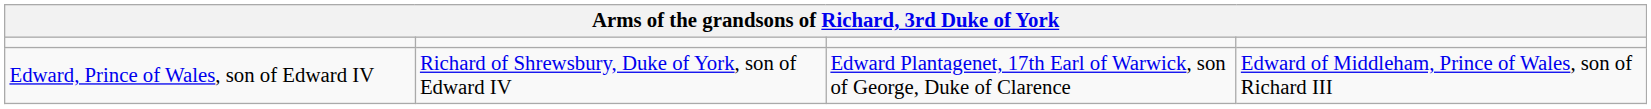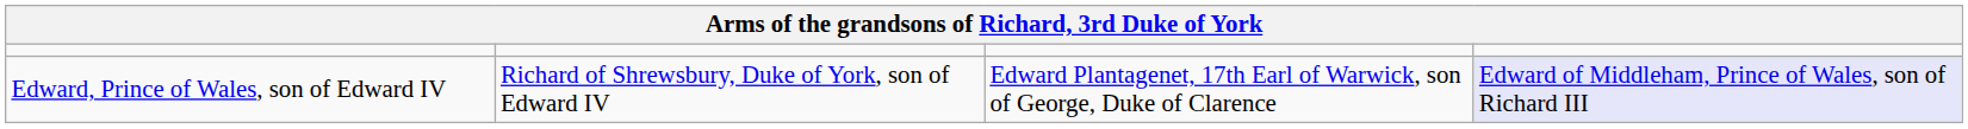 <table class="wikitable" width="100%">
 <tr>
 <th align=center colspan=4>Arms of the grandsons of <a href='#'>Richard, 3rd Duke of York</a></th>
 </tr>
 <tr>
 <td align=center width="25%"></td>
 <td align=center width="25%"></td>
 <td align=center width="25%"></td>
 <td align=center width="25%"></td>
 </tr>
 <tr>
 <td><a href='#'>Edward, Prince of Wales</a>, son of Edward IV</td>
 <td><a href='#'>Richard of Shrewsbury, Duke of York</a>, son of Edward IV</td>
 <td><a href='#'>Edward Plantagenet, 17th Earl of Warwick</a>, son of George, Duke of Clarence</td>
-<td><a href='#'>Edward of Middleham, Prince of Wales</a>, son of Richard III</td>
+<td style="background: lavender;"><a href='#'>Edward of Middleham, Prince of Wales</a>, son of Richard III</td>
 </tr>
 </table>
